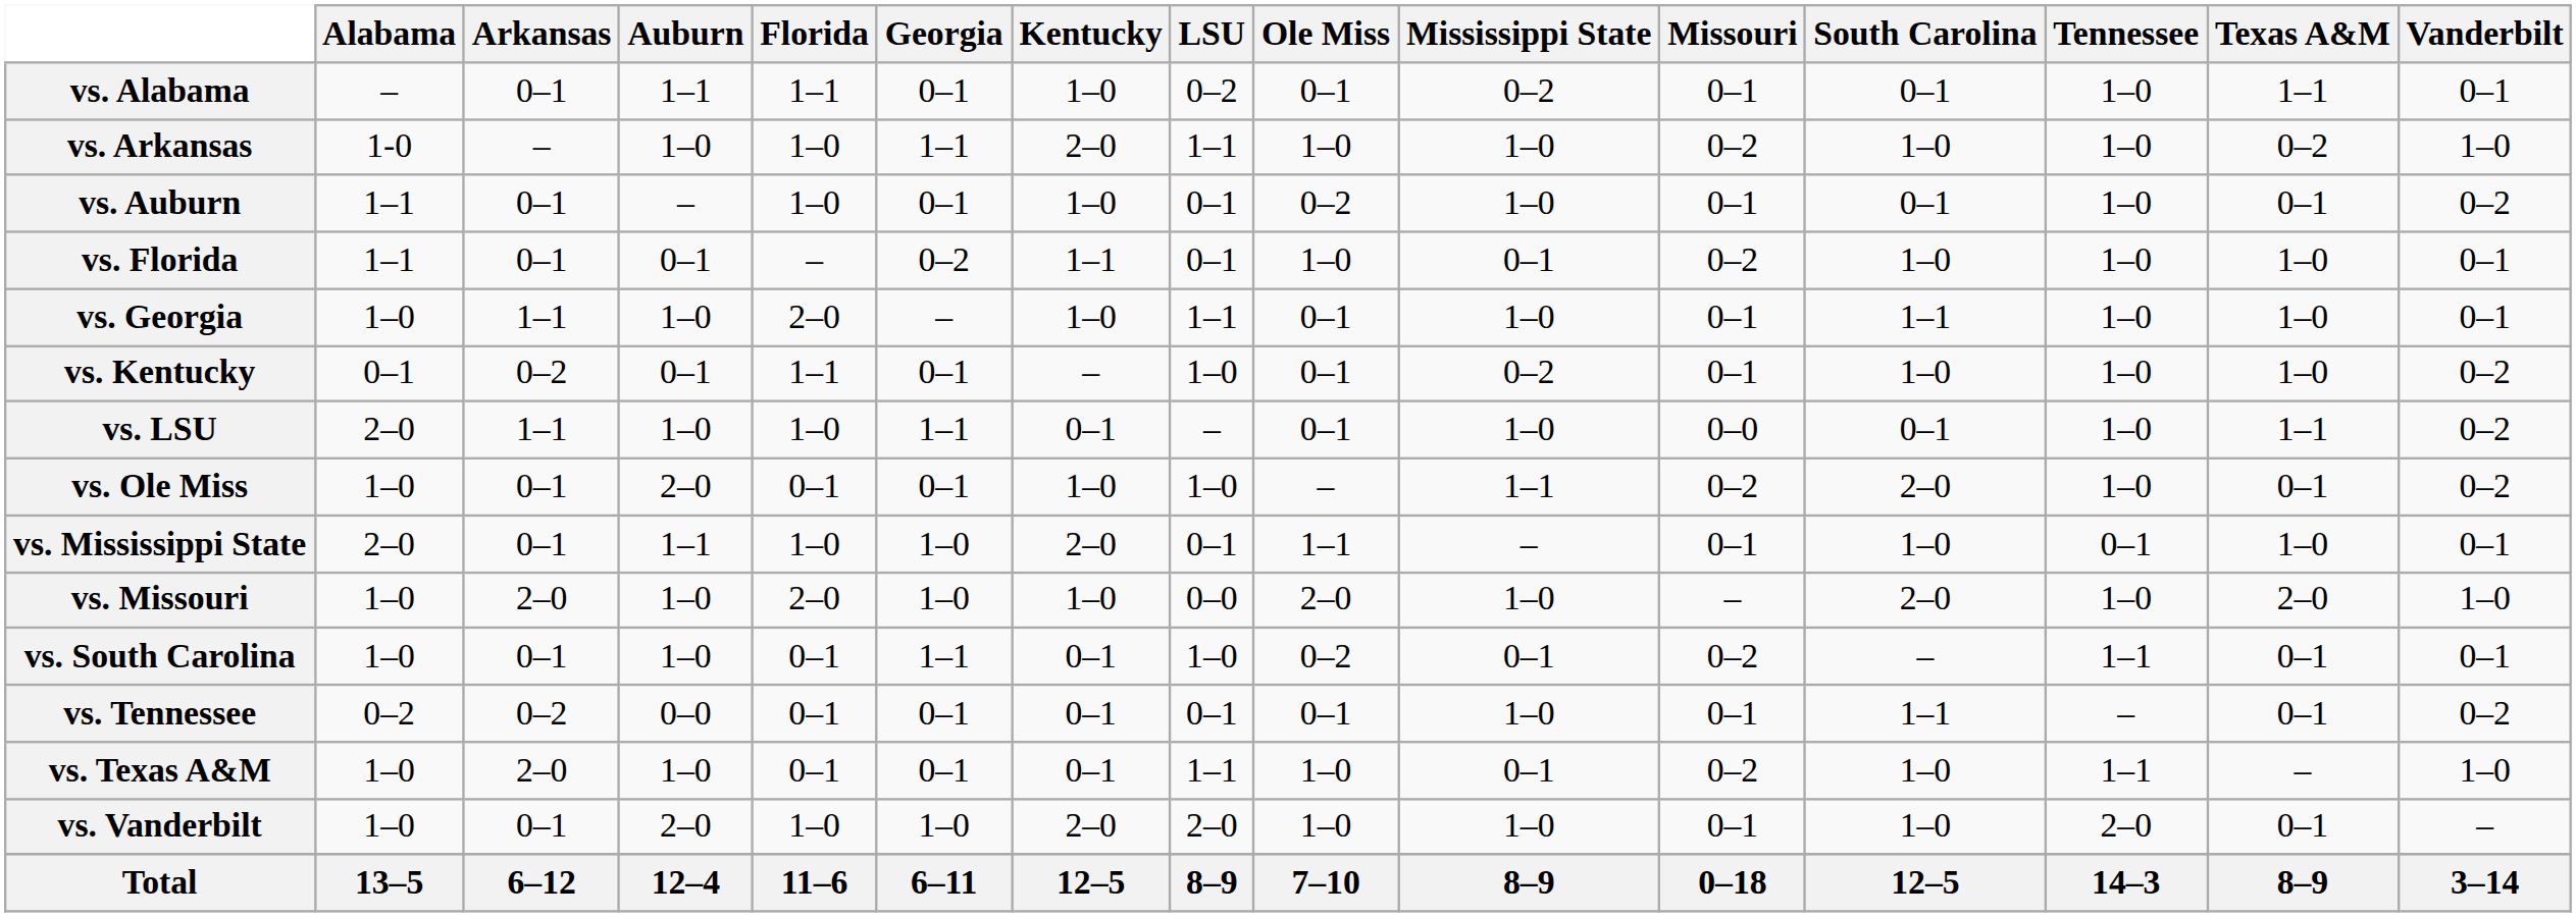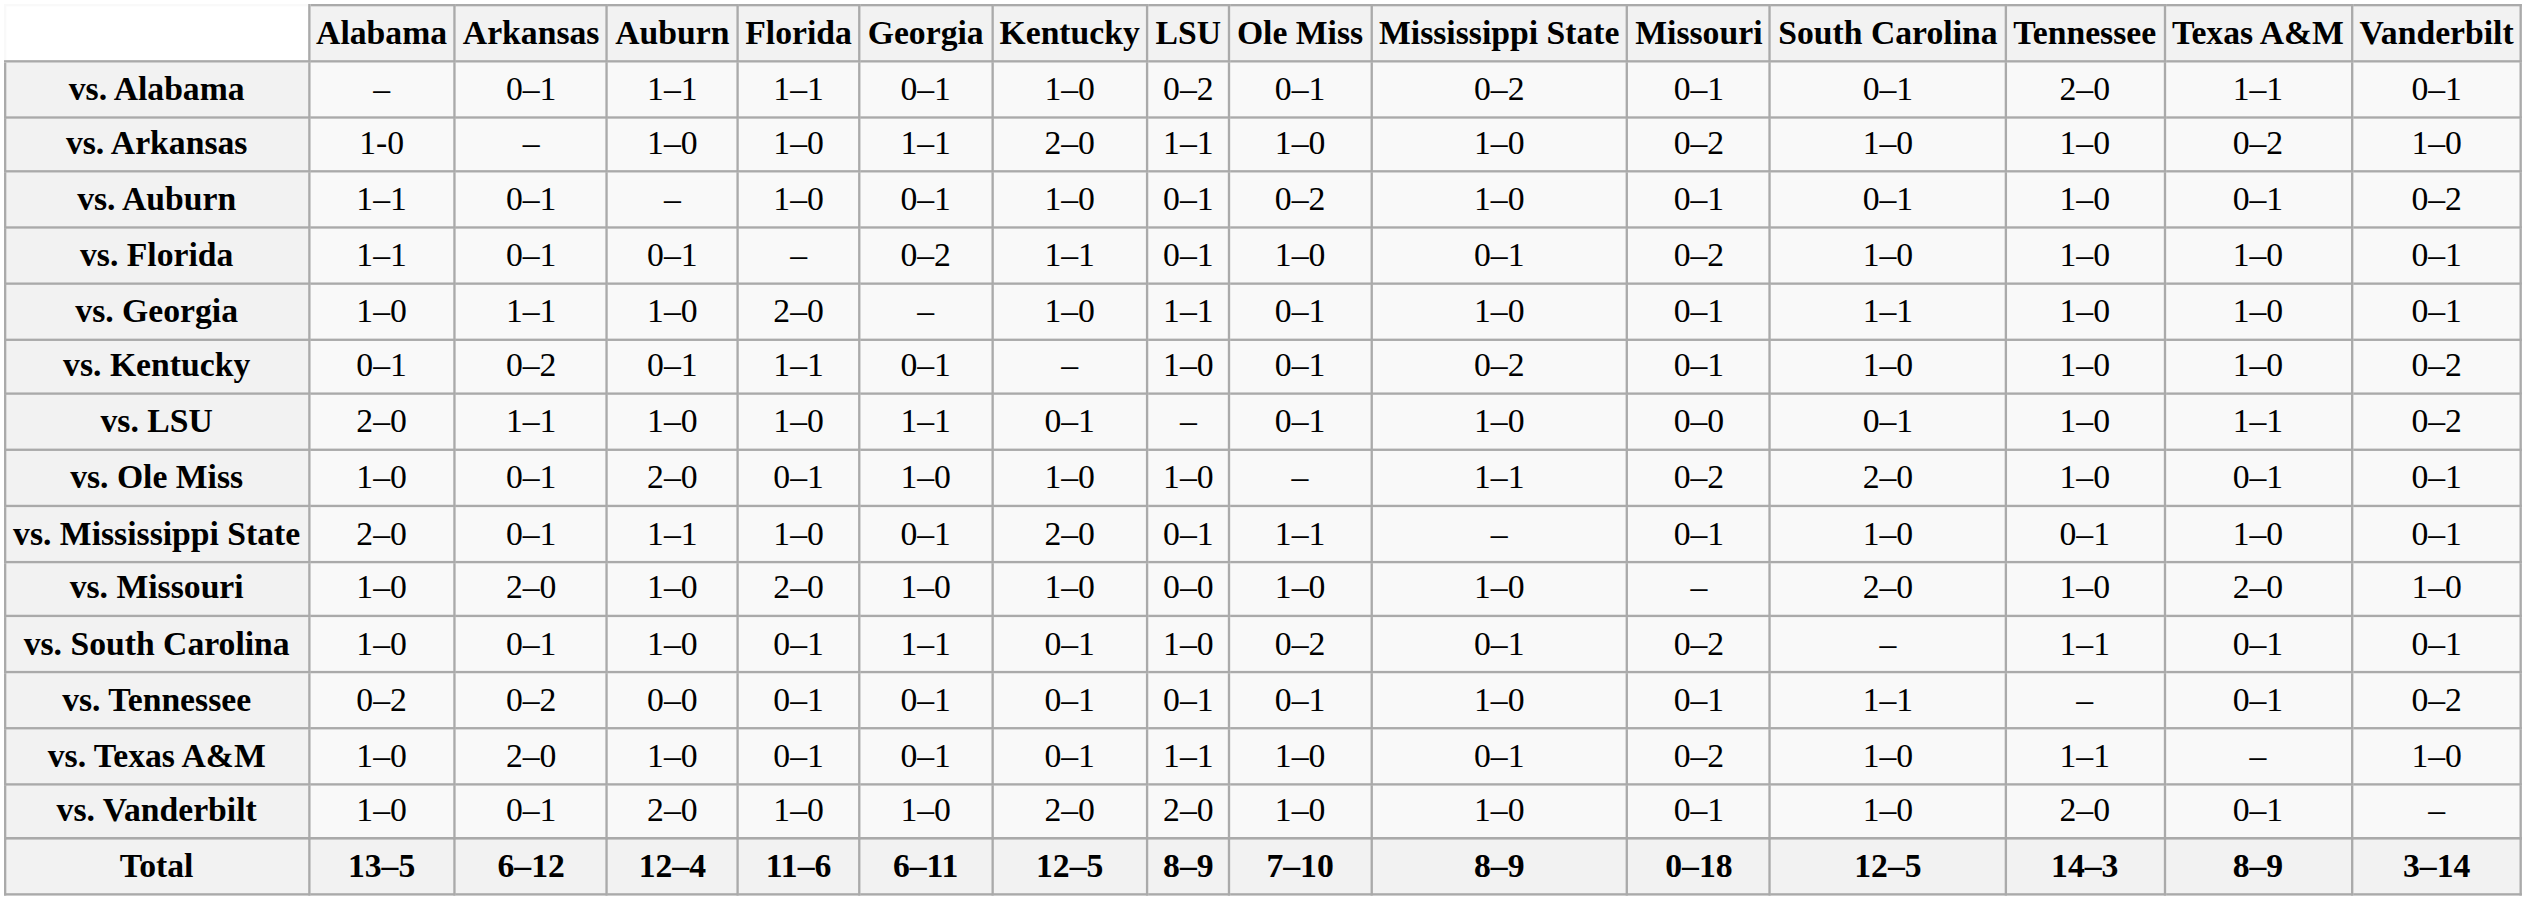 <table class="wikitable" style="white-space:nowrap;font-size:90%;">
 <tr>
 <th colspan=1 style="background:white; border-top-style:hidden; border-left-style:hidden;"  width=110> </th>
 <th>Alabama</th>
 <th>Arkansas</th>
 <th>Auburn</th>
 <th>Florida</th>
 <th>Georgia</th>
 <th>Kentucky</th>
 <th>LSU</th>
 <th>Ole Miss</th>
 <th>Mississippi State</th>
 <th>Missouri</th>
 <th>South Carolina</th>
 <th>Tennessee</th>
 <th>Texas A&M</th>
 <th>Vanderbilt</th>
 </tr>
 <tr style="text-align:center;">
 <th>vs. Alabama</th>
 <td>–</td>
 <td>0–1</td>
 <td>1–1</td>
 <td>1–1</td>
 <td>0–1</td>
 <td>1–0</td>
 <td>0–2</td>
 <td>0–1</td>
 <td>0–2</td>
 <td>0–1</td>
 <td>0–1</td>
-<td>1–0</td>
+<td>2–0</td>
 <td>1–1</td>
 <td>0–1</td>
 </tr>
 <tr style="text-align:center;">
 <th>vs. Arkansas</th>
 <td>1-0</td>
 <td>–</td>
 <td>1–0</td>
 <td>1–0</td>
 <td>1–1</td>
 <td>2–0</td>
 <td>1–1</td>
 <td>1–0</td>
 <td>1–0</td>
 <td>0–2</td>
 <td>1–0</td>
 <td>1–0</td>
 <td>0–2</td>
 <td>1–0</td>
 </tr>
 <tr style="text-align:center;">
 <th>vs. Auburn</th>
 <td>1–1</td>
 <td>0–1</td>
 <td>–</td>
 <td>1–0</td>
 <td>0–1</td>
 <td>1–0</td>
 <td>0–1</td>
 <td>0–2</td>
 <td>1–0</td>
 <td>0–1</td>
 <td>0–1</td>
 <td>1–0</td>
 <td>0–1</td>
 <td>0–2</td>
 </tr>
 <tr style="text-align:center;">
 <th>vs. Florida</th>
 <td>1–1</td>
 <td>0–1</td>
 <td>0–1</td>
 <td>–</td>
 <td>0–2</td>
 <td>1–1</td>
 <td>0–1</td>
 <td>1–0</td>
 <td>0–1</td>
 <td>0–2</td>
 <td>1–0</td>
 <td>1–0</td>
 <td>1–0</td>
 <td>0–1</td>
 </tr>
 <tr style="text-align:center;">
 <th>vs. Georgia</th>
 <td>1–0</td>
 <td>1–1</td>
 <td>1–0</td>
 <td>2–0</td>
 <td>–</td>
 <td>1–0</td>
 <td>1–1</td>
 <td>0–1</td>
 <td>1–0</td>
 <td>0–1</td>
 <td>1–1</td>
 <td>1–0</td>
 <td>1–0</td>
 <td>0–1</td>
 </tr>
 <tr style="text-align:center;">
 <th>vs. Kentucky</th>
 <td>0–1</td>
 <td>0–2</td>
 <td>0–1</td>
 <td>1–1</td>
 <td>0–1</td>
 <td>–</td>
 <td>1–0</td>
 <td>0–1</td>
 <td>0–2</td>
 <td>0–1</td>
 <td>1–0</td>
 <td>1–0</td>
 <td>1–0</td>
 <td>0–2</td>
 </tr>
 <tr style="text-align:center;">
 <th>vs. LSU</th>
 <td>2–0</td>
 <td>1–1</td>
 <td>1–0</td>
 <td>1–0</td>
 <td>1–1</td>
 <td>0–1</td>
 <td>–</td>
 <td>0–1</td>
 <td>1–0</td>
 <td>0–0</td>
 <td>0–1</td>
 <td>1–0</td>
 <td>1–1</td>
 <td>0–2</td>
 </tr>
 <tr style="text-align:center;">
 <th>vs. Ole Miss</th>
 <td>1–0</td>
 <td>0–1</td>
 <td>2–0</td>
 <td>0–1</td>
-<td>0–1</td>
+<td>1–0</td>
 <td>1–0</td>
 <td>1–0</td>
 <td>–</td>
 <td>1–1</td>
 <td>0–2</td>
 <td>2–0</td>
 <td>1–0</td>
 <td>0–1</td>
-<td>0–2</td>
+<td>0–1</td>
 </tr>
 <tr style="text-align:center;">
 <th>vs. Mississippi State</th>
 <td>2–0</td>
 <td>0–1</td>
 <td>1–1</td>
 <td>1–0</td>
-<td>1–0</td>
+<td>0–1</td>
 <td>2–0</td>
 <td>0–1</td>
 <td>1–1</td>
 <td>–</td>
 <td>0–1</td>
 <td>1–0</td>
 <td>0–1</td>
 <td>1–0</td>
 <td>0–1</td>
 </tr>
 <tr style="text-align:center;">
 <th>vs. Missouri</th>
 <td>1–0</td>
 <td>2–0</td>
 <td>1–0</td>
 <td>2–0</td>
 <td>1–0</td>
 <td>1–0</td>
 <td>0–0</td>
-<td>2–0</td>
+<td>1–0</td>
 <td>1–0</td>
 <td>–</td>
 <td>2–0</td>
 <td>1–0</td>
 <td>2–0</td>
 <td>1–0</td>
 </tr>
 <tr style="text-align:center;">
 <th>vs. South Carolina</th>
 <td>1–0</td>
 <td>0–1</td>
 <td>1–0</td>
 <td>0–1</td>
 <td>1–1</td>
 <td>0–1</td>
 <td>1–0</td>
 <td>0–2</td>
 <td>0–1</td>
 <td>0–2</td>
 <td>–</td>
 <td>1–1</td>
 <td>0–1</td>
 <td>0–1</td>
 </tr>
 <tr style="text-align:center;">
 <th>vs. Tennessee</th>
 <td>0–2</td>
 <td>0–2</td>
 <td>0–0</td>
 <td>0–1</td>
 <td>0–1</td>
 <td>0–1</td>
 <td>0–1</td>
 <td>0–1</td>
 <td>1–0</td>
 <td>0–1</td>
 <td>1–1</td>
 <td>–</td>
 <td>0–1</td>
 <td>0–2</td>
 </tr>
 <tr style="text-align:center;">
 <th>vs. Texas A&M</th>
 <td>1–0</td>
 <td>2–0</td>
 <td>1–0</td>
 <td>0–1</td>
 <td>0–1</td>
 <td>0–1</td>
 <td>1–1</td>
 <td>1–0</td>
 <td>0–1</td>
 <td>0–2</td>
 <td>1–0</td>
 <td>1–1</td>
 <td>–</td>
 <td>1–0</td>
 </tr>
 <tr style="text-align:center;">
 <th>vs. Vanderbilt</th>
 <td>1–0</td>
 <td>0–1</td>
 <td>2–0</td>
 <td>1–0</td>
 <td>1–0</td>
 <td>2–0</td>
 <td>2–0</td>
 <td>1–0</td>
 <td>1–0</td>
 <td>0–1</td>
 <td>1–0</td>
 <td>2–0</td>
 <td>0–1</td>
 <td>–</td>
 </tr>
 <tr style="text-align:center;">
 </tr>
 <tr style="text-align:center;">
 <th>Total</th>
 <th>13–5</th>
 <th>6–12</th>
 <th>12–4</th>
 <th>11–6</th>
 <th>6–11</th>
 <th>12–5</th>
 <th>8–9</th>
 <th>7–10</th>
 <th>8–9</th>
 <th>0–18</th>
 <th>12–5</th>
 <th>14–3</th>
 <th>8–9</th>
 <th>3–14</th>
 </tr>
 </table>
